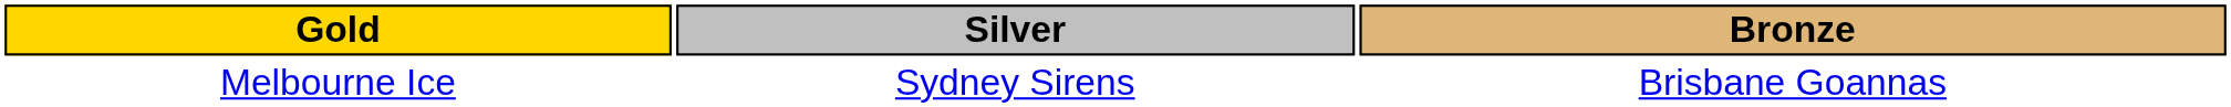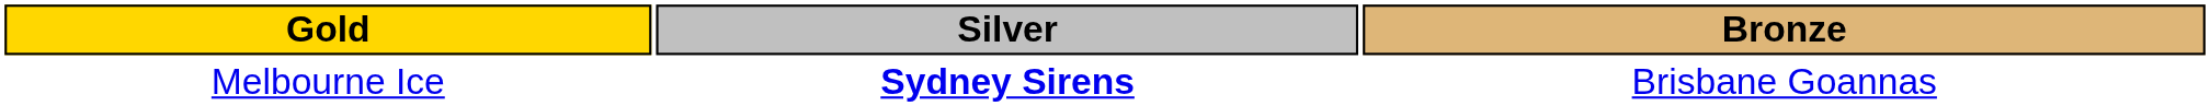 <table class="toccolours" style="width: 60em; text-align: center;">
 <tr>
 <th style="background:Gold;color:black;border:#000000 1px solid">Gold</th>
 <th style="background:Silver;color:black;border:#000000 1px solid">Silver</th>
 <th style="background:#deb678;color:black;border:#000000 1px solid">Bronze</th>
 </tr>
 <tr>
 <td> <a href='#'>Melbourne Ice</a></td>
-<td> <a href='#'>Sydney Sirens</a></td>
+<td><strong> <a href='#'>Sydney Sirens</a></strong></td>
 <td> <a href='#'>Brisbane Goannas</a></td>
 </tr>
 <tr>
 </tr>
 </table>
